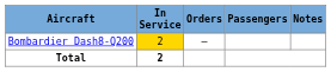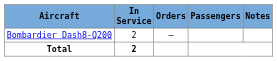 <table class="toccolours" border="1" cellpadding="3" style="border-collapse:collapse;margin:1em auto;">
 <tr bgcolor=#75aadb>
 <th>Aircraft</th>
 <th>In<br>Service</th>
 <th>Orders</th>
 <th>Passengers</th>
 <th>Notes</th>
 </tr>
 <tr>
 <td><a href='#'>Bombardier Dash8-Q200</a></td>
-<td align="center" style="background: gold;">2</td>
+<td align="center">2</td>
 <td align="center">—</td>
 <td align="center"></td>
 <td></td>
 </tr>
 <tr>
 <th>Total</th>
 <th>2</th>
 <th></th>
 <th colspan="2"></th>
 </tr>
 </table>
